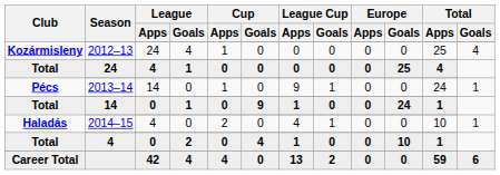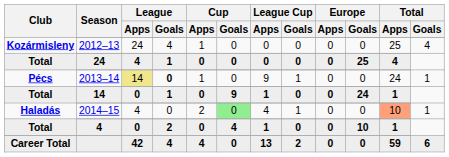 <table class="wikitable" style="font-size:90%; text-align: center;">
 <tr>
 <th rowspan="2">Club</th>
 <th rowspan="2">Season</th>
 <th colspan="2">League</th>
 <th colspan="2">Cup</th>
 <th colspan="2">League Cup</th>
 <th colspan="2">Europe</th>
 <th colspan="2">Total</th>
 </tr>
 <tr>
 <th>Apps</th>
 <th>Goals</th>
 <th>Apps</th>
 <th>Goals</th>
 <th>Apps</th>
 <th>Goals</th>
 <th>Apps</th>
 <th>Goals</th>
 <th>Apps</th>
 <th>Goals</th>
 </tr>
 <tr ||-||-||-|->
 <td rowspan="3" valign="center"><strong><a href='#'>Kozármisleny</a></strong></td>
 </tr>
 <tr>
 <td><a href='#'>2012–13</a></td>
 <td>24</td>
 <td>4</td>
 <td>1</td>
 <td>0</td>
 <td>0</td>
 <td>0</td>
 <td>0</td>
 <td>0</td>
 <td>25</td>
 <td>4</td>
 </tr>
 <tr>
 </tr>
 <tr style="font-weight:bold; background-color:#eeeeee;">
 <td>Total</td>
 <td>24</td>
 <td>4</td>
 <td>1</td>
 <td>0</td>
 <td>0</td>
 <td>0</td>
 <td>0</td>
 <td>0</td>
 <td>25</td>
 <td>4</td>
 </tr>
 <tr>
 <td rowspan="3" valign="center"><strong><a href='#'>Pécs</a></strong></td>
 </tr>
 <tr>
 <td><a href='#'>2013–14</a></td>
-<td>14</td>
-<td>0</td>
+<td style="background: khaki;">14</td>
+<td><strong>0</strong></td>
 <td>1</td>
 <td>0</td>
 <td>9</td>
 <td>1</td>
 <td>0</td>
 <td>0</td>
 <td>24</td>
 <td>1</td>
 </tr>
 <tr>
 </tr>
 <tr style="font-weight:bold; background-color:#eeeeee;">
 <td>Total</td>
 <td>14</td>
 <td>0</td>
 <td>1</td>
 <td>0</td>
 <td>9</td>
 <td>1</td>
 <td>0</td>
 <td>0</td>
 <td>24</td>
 <td>1</td>
 </tr>
 <tr>
 <td rowspan="3" valign="center"><strong><a href='#'>Haladás</a></strong></td>
 </tr>
 <tr>
 <td><a href='#'>2014–15</a></td>
 <td>4</td>
 <td>0</td>
 <td>2</td>
-<td>0</td>
+<td style="background: lightgreen;">0</td>
 <td>4</td>
 <td>1</td>
 <td>0</td>
 <td>0</td>
-<td>10</td>
+<td style="background: lightsalmon;">10</td>
 <td>1</td>
 </tr>
 <tr>
 </tr>
 <tr style="font-weight:bold; background-color:#eeeeee;">
 <td>Total</td>
 <td>4</td>
 <td>0</td>
 <td>2</td>
 <td>0</td>
 <td>4</td>
 <td>1</td>
 <td>0</td>
 <td>0</td>
 <td>10</td>
 <td>1</td>
 </tr>
 <tr>
 </tr>
 <tr style="font-weight:bold; background-color:#eeeeee;">
 <td rowspan="2" valign="top"><strong>Career Total</strong></td>
 <td></td>
 <td><strong>42</strong></td>
 <td><strong>4</strong></td>
 <td><strong>4</strong></td>
 <td><strong>0</strong></td>
 <td><strong>13</strong></td>
 <td><strong>2</strong></td>
 <td><strong>0</strong></td>
 <td><strong>0</strong></td>
 <td><strong>59</strong></td>
 <td><strong>6</strong></td>
 </tr>
 </table>
